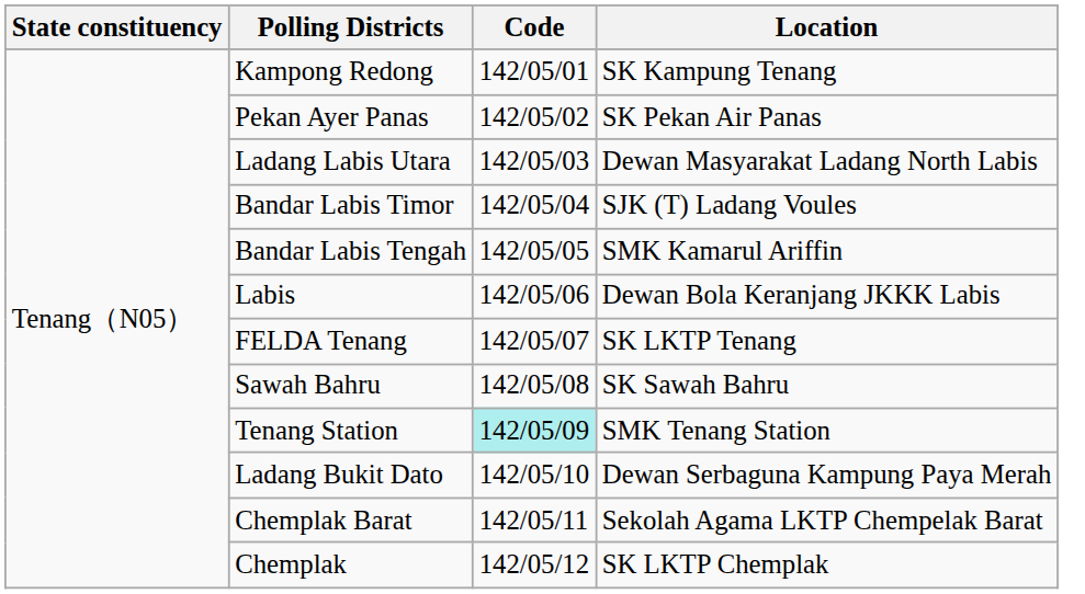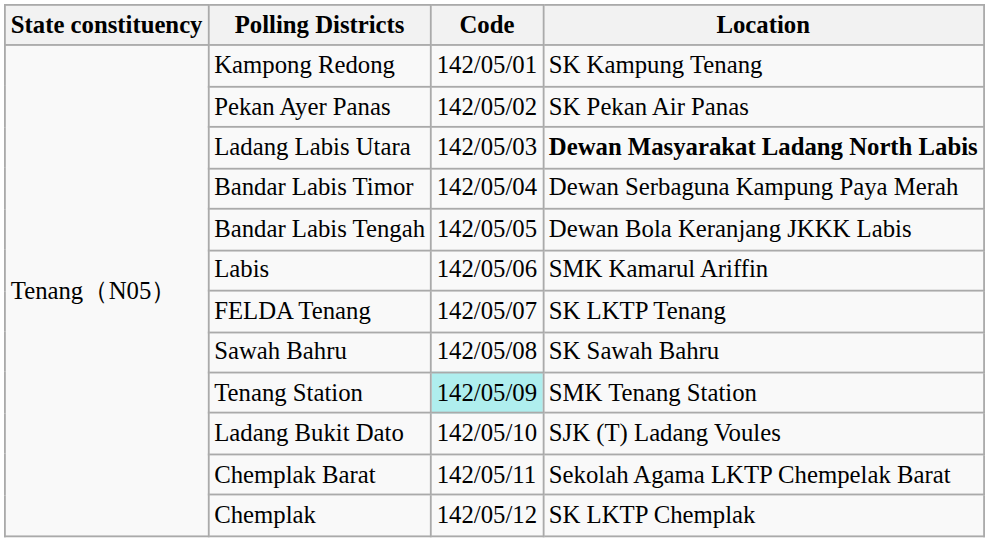 <table class="wikitable sortable mw-collapsible" style="white-space:nowrap;font-size:85%">
 <tr>
 <th>State constituency</th>
 <th>Polling Districts</th>
 <th>Code</th>
 <th>Location</th>
 </tr>
 <tr>
 <td rowspan="12">Tenang（N05）</td>
 <td>Kampong Redong</td>
 <td>142/05/01</td>
 <td>SK Kampung Tenang</td>
 </tr>
 <tr>
 <td>Pekan Ayer Panas</td>
 <td>142/05/02</td>
 <td>SK Pekan Air Panas</td>
 </tr>
 <tr>
 <td>Ladang Labis Utara</td>
 <td>142/05/03</td>
-<td>Dewan Masyarakat Ladang North Labis</td>
+<td><strong>Dewan Masyarakat Ladang North Labis</strong></td>
 </tr>
 <tr>
 <td>Bandar Labis Timor</td>
 <td>142/05/04</td>
-<td>SJK (T) Ladang Voules</td>
+<td>Dewan Serbaguna Kampung Paya Merah</td>
 </tr>
 <tr>
 <td>Bandar Labis Tengah</td>
 <td>142/05/05</td>
-<td>SMK Kamarul Ariffin</td>
+<td>Dewan Bola Keranjang JKKK Labis</td>
 </tr>
 <tr>
 <td>Labis</td>
 <td>142/05/06</td>
-<td>Dewan Bola Keranjang JKKK Labis</td>
+<td>SMK Kamarul Ariffin</td>
 </tr>
 <tr>
 <td>FELDA Tenang</td>
 <td>142/05/07</td>
 <td>SK LKTP Tenang</td>
 </tr>
 <tr>
 <td>Sawah Bahru</td>
 <td>142/05/08</td>
 <td>SK Sawah Bahru</td>
 </tr>
 <tr>
 <td>Tenang Station</td>
 <td style="background: paleturquoise;">142/05/09</td>
 <td>SMK Tenang Station</td>
 </tr>
 <tr>
 <td>Ladang Bukit Dato</td>
 <td>142/05/10</td>
-<td>Dewan Serbaguna Kampung Paya Merah</td>
+<td>SJK (T) Ladang Voules</td>
 </tr>
 <tr>
 <td>Chemplak Barat</td>
 <td>142/05/11</td>
 <td>Sekolah Agama LKTP Chempelak Barat</td>
 </tr>
 <tr>
 <td>Chemplak</td>
 <td>142/05/12</td>
 <td>SK LKTP Chemplak</td>
 </tr>
 </table>
